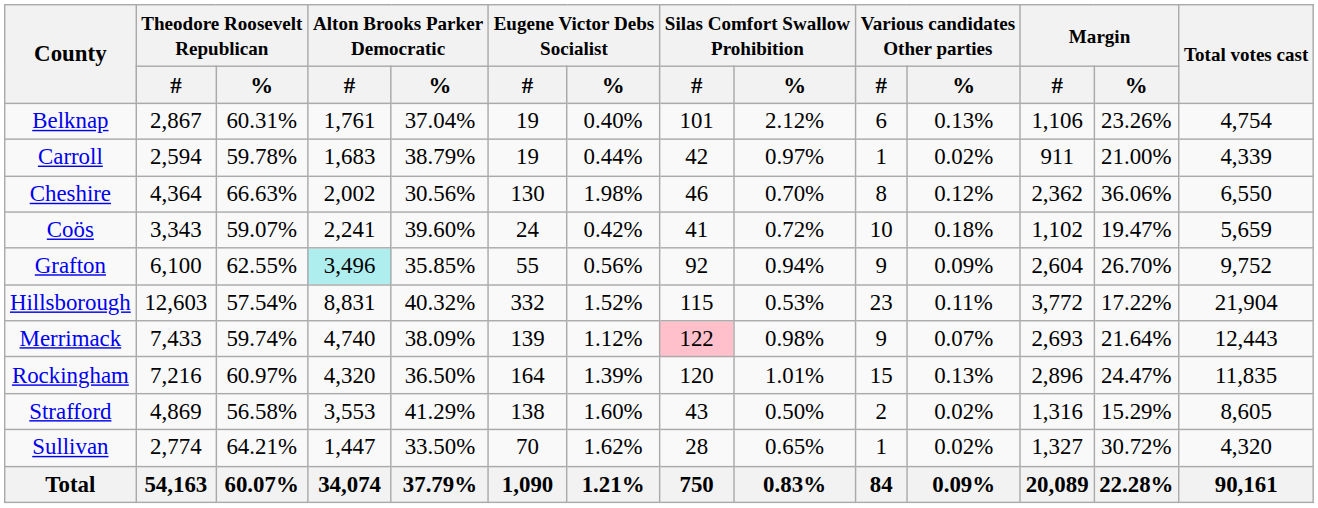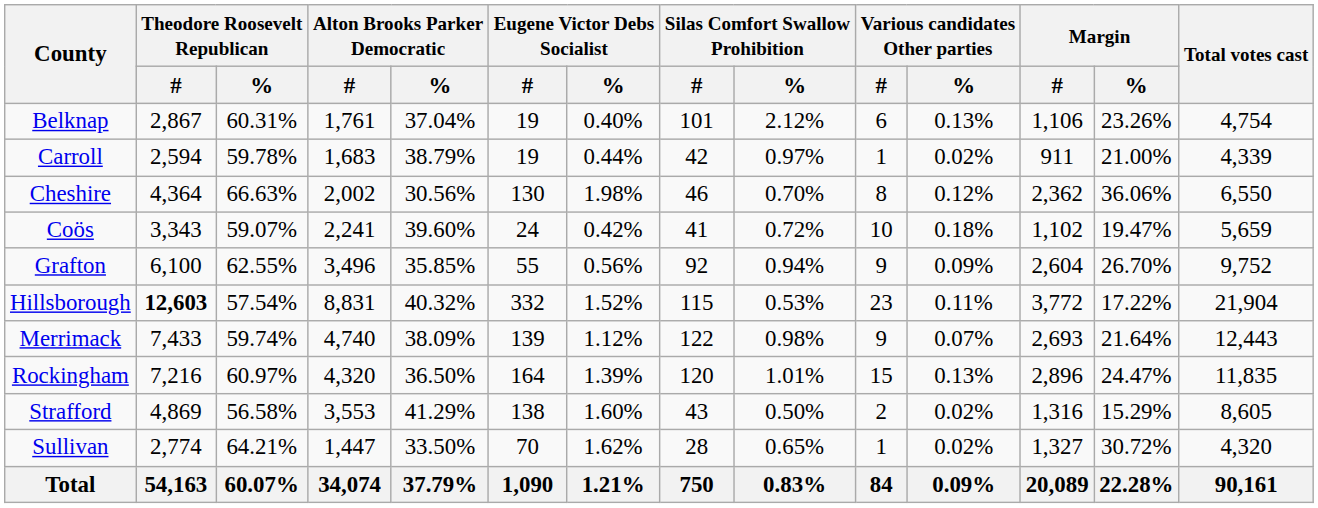 <table class="wikitable sortable">
 <tr>
 <th rowspan="2">County</th>
 <th colspan="2"><small>Theodore Roosevelt</small><br><small>Republican</small></th>
 <th colspan="2"><small>Alton Brooks Parker</small><br><small>Democratic</small></th>
 <th colspan="2"><small>Eugene Victor Debs</small><br><small>Socialist</small></th>
 <th colspan="2"><small>Silas Comfort Swallow</small><br><small>Prohibition</small></th>
 <th colspan="2"><small>Various candidates</small><br><small>Other parties</small></th>
 <th colspan="2"><small>Margin</small></th>
 <th rowspan="2"><small>Total votes cast</small></th>
 </tr>
 <tr bgcolor="lightgrey">
 <th data-sort-type="number">#</th>
 <th data-sort-type="number">%</th>
 <th data-sort-type="number">#</th>
 <th data-sort-type="number">%</th>
 <th data-sort-type="number">#</th>
 <th data-sort-type="number">%</th>
 <th data-sort-type="number">#</th>
 <th data-sort-type="number">%</th>
 <th data-sort-type="number">#</th>
 <th data-sort-type="number">%</th>
 <th data-sort-type="number">#</th>
 <th data-sort-type="number">%</th>
 </tr>
 <tr style="text-align:center;">
 <td><a href='#'>Belknap</a></td>
 <td>2,867</td>
 <td>60.31%</td>
 <td>1,761</td>
 <td>37.04%</td>
 <td>19</td>
 <td>0.40%</td>
 <td>101</td>
 <td>2.12%</td>
 <td>6</td>
 <td>0.13%</td>
 <td>1,106</td>
 <td>23.26%</td>
 <td>4,754</td>
 </tr>
 <tr style="text-align:center;">
 <td><a href='#'>Carroll</a></td>
 <td>2,594</td>
 <td>59.78%</td>
 <td>1,683</td>
 <td>38.79%</td>
 <td>19</td>
 <td>0.44%</td>
 <td>42</td>
 <td>0.97%</td>
 <td>1</td>
 <td>0.02%</td>
 <td>911</td>
 <td>21.00%</td>
 <td>4,339</td>
 </tr>
 <tr style="text-align:center;">
 <td><a href='#'>Cheshire</a></td>
 <td>4,364</td>
 <td>66.63%</td>
 <td>2,002</td>
 <td>30.56%</td>
 <td>130</td>
 <td>1.98%</td>
 <td>46</td>
 <td>0.70%</td>
 <td>8</td>
 <td>0.12%</td>
 <td>2,362</td>
 <td>36.06%</td>
 <td>6,550</td>
 </tr>
 <tr style="text-align:center;">
 <td><a href='#'>Coös</a></td>
 <td>3,343</td>
 <td>59.07%</td>
 <td>2,241</td>
 <td>39.60%</td>
 <td>24</td>
 <td>0.42%</td>
 <td>41</td>
 <td>0.72%</td>
 <td>10</td>
 <td>0.18%</td>
 <td>1,102</td>
 <td>19.47%</td>
 <td>5,659</td>
 </tr>
 <tr style="text-align:center;">
 <td><a href='#'>Grafton</a></td>
 <td>6,100</td>
 <td>62.55%</td>
-<td style="background: paleturquoise;">3,496</td>
+<td>3,496</td>
 <td>35.85%</td>
 <td>55</td>
 <td>0.56%</td>
 <td>92</td>
 <td>0.94%</td>
 <td>9</td>
 <td>0.09%</td>
 <td>2,604</td>
 <td>26.70%</td>
 <td>9,752</td>
 </tr>
 <tr style="text-align:center;">
 <td><a href='#'>Hillsborough</a></td>
-<td>12,603</td>
+<td><strong>12,603</strong></td>
 <td>57.54%</td>
 <td>8,831</td>
 <td>40.32%</td>
 <td>332</td>
 <td>1.52%</td>
 <td>115</td>
 <td>0.53%</td>
 <td>23</td>
 <td>0.11%</td>
 <td>3,772</td>
 <td>17.22%</td>
 <td>21,904</td>
 </tr>
 <tr style="text-align:center;">
 <td><a href='#'>Merrimack</a></td>
 <td>7,433</td>
 <td>59.74%</td>
 <td>4,740</td>
 <td>38.09%</td>
 <td>139</td>
 <td>1.12%</td>
-<td style="background: pink;">122</td>
+<td>122</td>
 <td>0.98%</td>
 <td>9</td>
 <td>0.07%</td>
 <td>2,693</td>
 <td>21.64%</td>
 <td>12,443</td>
 </tr>
 <tr style="text-align:center;">
 <td><a href='#'>Rockingham</a></td>
 <td>7,216</td>
 <td>60.97%</td>
 <td>4,320</td>
 <td>36.50%</td>
 <td>164</td>
 <td>1.39%</td>
 <td>120</td>
 <td>1.01%</td>
 <td>15</td>
 <td>0.13%</td>
 <td>2,896</td>
 <td>24.47%</td>
 <td>11,835</td>
 </tr>
 <tr style="text-align:center;">
 <td><a href='#'>Strafford</a></td>
 <td>4,869</td>
 <td>56.58%</td>
 <td>3,553</td>
 <td>41.29%</td>
 <td>138</td>
 <td>1.60%</td>
 <td>43</td>
 <td>0.50%</td>
 <td>2</td>
 <td>0.02%</td>
 <td>1,316</td>
 <td>15.29%</td>
 <td>8,605</td>
 </tr>
 <tr style="text-align:center;">
 <td><a href='#'>Sullivan</a></td>
 <td>2,774</td>
 <td>64.21%</td>
 <td>1,447</td>
 <td>33.50%</td>
 <td>70</td>
 <td>1.62%</td>
 <td>28</td>
 <td>0.65%</td>
 <td>1</td>
 <td>0.02%</td>
 <td>1,327</td>
 <td>30.72%</td>
 <td>4,320</td>
 </tr>
 <tr>
 <th>Total</th>
 <th>54,163</th>
 <th>60.07%</th>
 <th>34,074</th>
 <th>37.79%</th>
 <th>1,090</th>
 <th>1.21%</th>
 <th>750</th>
 <th>0.83%</th>
 <th>84</th>
 <th>0.09%</th>
 <th>20,089</th>
 <th>22.28%</th>
 <th>90,161</th>
 </tr>
 </table>
